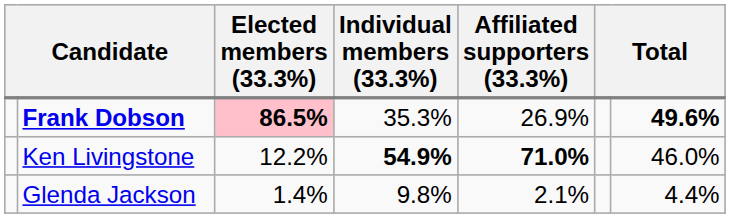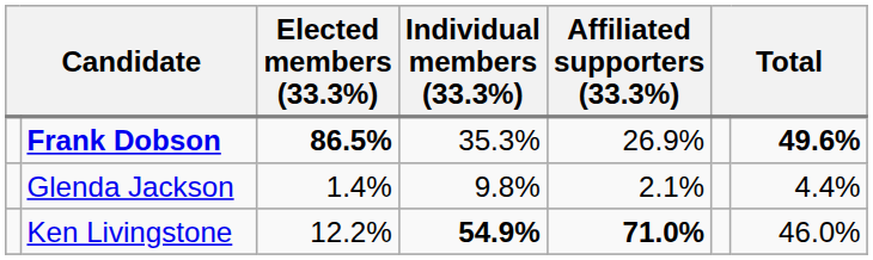 <table class="wikitable" style="font-size: 95%;">
 <tr>
 <th colspan="2" scope="col" rowspan="1" width="125">Candidate</th>
 <th scope="col" colspan="1" width="65">Elected  <br> members <br> (33.3%)</th>
 <th scope="col" colspan="1" width="65">Individual  <br>members <br> (33.3%)</th>
 <th scope="col" colspan="1" width="65">Affiliated  <br>supporters <br> (33.3%)</th>
 <th scope="col" colspan="2" width="75">Total</th>
 </tr>
 <tr style="background-color:#E9E9E9; border-bottom: 2px solid gray;">
 </tr>
 <tr align="right">
 <td style="background-color: "></td>
 <td scope="row" align="left"><strong><a href='#'>Frank Dobson</a></strong></td>
-<td style="background: pink;"><strong>86.5%</strong></td>
+<td><strong>86.5%</strong></td>
 <td>35.3%</td>
 <td>26.9%</td>
 <td align=center></td>
 <td><strong>49.6%</strong></td>
+</tr>
+<tr align="right">
+<td style="background-color: "></td>
+<td scope="row" align="left"><a href='#'>Glenda Jackson</a></td>
+<td>1.4%</td>
+<td>9.8%</td>
+<td>2.1%</td>
+<td align=center></td>
+<td>4.4%</td>
 </tr>
 <tr align="right">
 <td style="background-color: "></td>
 <td scope="row" align="left"><a href='#'>Ken Livingstone</a></td>
 <td>12.2%</td>
 <td><strong>54.9%</strong></td>
 <td><strong>71.0%</strong></td>
 <td align=center></td>
 <td>46.0%</td>
 </tr>
-<tr align="right">
-<td style="background-color: "></td>
-<td scope="row" align="left"><a href='#'>Glenda Jackson</a></td>
-<td>1.4%</td>
-<td>9.8%</td>
-<td>2.1%</td>
-<td align=center></td>
-<td>4.4%</td>
-</tr>
 </table>
